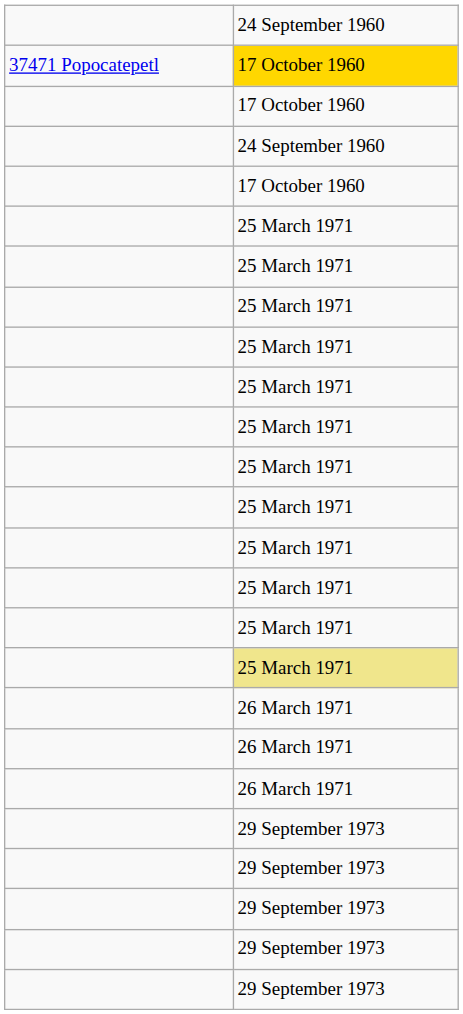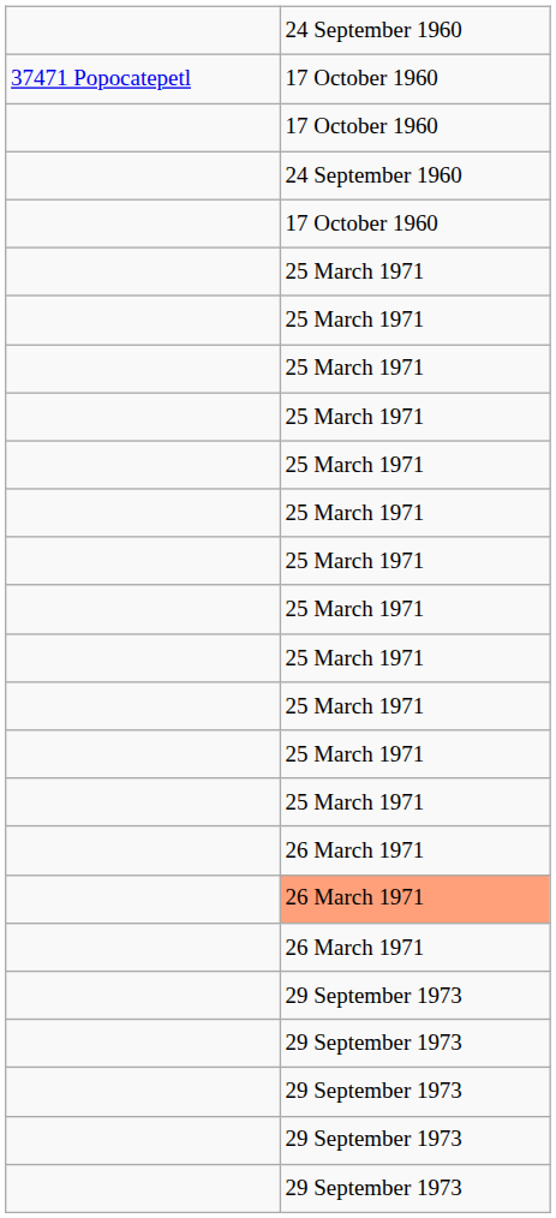 <table class="wikitable" style="font-size: 89%; float: left; width: 24em; margin-right: 1em; line-height: 1.65em">
 <tr>
 <td></td>
 <td>24 September 1960</td>
 </tr>
 <tr>
 <td><a href='#'>37471 Popocatepetl</a></td>
-<td style="background: gold;">17 October 1960</td>
+<td>17 October 1960</td>
 </tr>
 <tr>
 <td></td>
 <td>17 October 1960</td>
 </tr>
 <tr>
 <td></td>
 <td>24 September 1960</td>
 </tr>
 <tr>
 <td></td>
 <td>17 October 1960</td>
 </tr>
 <tr>
 <td></td>
 <td>25 March 1971</td>
 </tr>
 <tr>
 <td></td>
 <td>25 March 1971</td>
 </tr>
 <tr>
 <td></td>
 <td>25 March 1971</td>
 </tr>
 <tr>
 <td></td>
 <td>25 March 1971</td>
 </tr>
 <tr>
 <td></td>
 <td>25 March 1971</td>
 </tr>
 <tr>
 <td></td>
 <td>25 March 1971</td>
 </tr>
 <tr>
 <td></td>
 <td>25 March 1971</td>
 </tr>
 <tr>
 <td></td>
 <td>25 March 1971</td>
 </tr>
 <tr>
 <td></td>
 <td>25 March 1971</td>
 </tr>
 <tr>
 <td></td>
 <td>25 March 1971</td>
 </tr>
 <tr>
 <td></td>
 <td>25 March 1971</td>
 </tr>
 <tr>
 <td></td>
-<td style="background: khaki;">25 March 1971</td>
+<td>25 March 1971</td>
 </tr>
 <tr>
 <td></td>
 <td>26 March 1971</td>
 </tr>
 <tr>
 <td></td>
-<td>26 March 1971</td>
+<td style="background: lightsalmon;">26 March 1971</td>
 </tr>
 <tr>
 <td></td>
 <td>26 March 1971</td>
 </tr>
 <tr>
 <td></td>
 <td>29 September 1973</td>
 </tr>
 <tr>
 <td></td>
 <td>29 September 1973</td>
 </tr>
 <tr>
 <td></td>
 <td>29 September 1973</td>
 </tr>
 <tr>
 <td></td>
 <td>29 September 1973</td>
 </tr>
 <tr>
 <td></td>
 <td>29 September 1973</td>
 </tr>
 </table>
